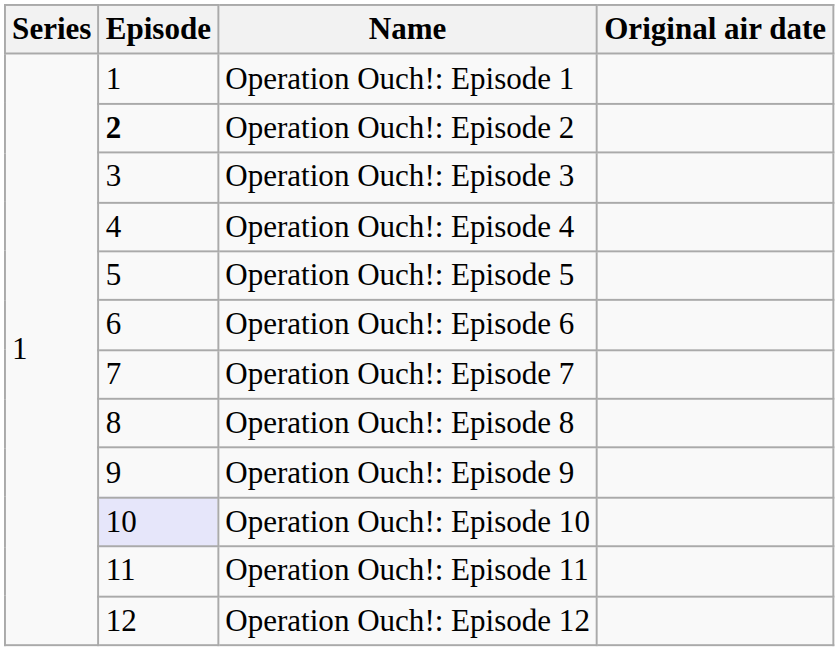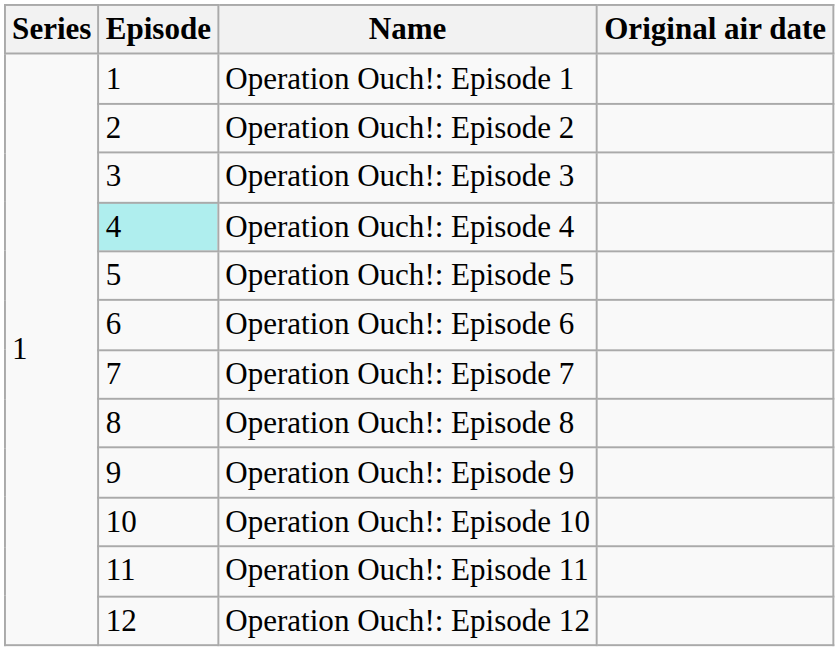 <table class="wikitable">
 <tr>
 <th>Series</th>
 <th>Episode</th>
 <th>Name</th>
 <th>Original air date</th>
 </tr>
 <tr>
 <td rowspan="12">1</td>
 <td>1</td>
 <td>Operation Ouch!: Episode 1</td>
 <td></td>
 </tr>
 <tr>
-<td><strong>2</strong></td>
+<td>2</td>
 <td>Operation Ouch!: Episode 2</td>
 <td></td>
 </tr>
 <tr>
 <td>3</td>
 <td>Operation Ouch!: Episode 3</td>
 <td></td>
 </tr>
 <tr>
-<td>4</td>
+<td style="background: paleturquoise;">4</td>
 <td>Operation Ouch!: Episode 4</td>
 <td></td>
 </tr>
 <tr>
 <td>5</td>
 <td>Operation Ouch!: Episode 5</td>
 <td></td>
 </tr>
 <tr>
 <td>6</td>
 <td>Operation Ouch!: Episode 6</td>
 <td></td>
 </tr>
 <tr>
 <td>7</td>
 <td>Operation Ouch!: Episode 7</td>
 <td></td>
 </tr>
 <tr>
 <td>8</td>
 <td>Operation Ouch!: Episode 8</td>
 <td></td>
 </tr>
 <tr>
 <td>9</td>
 <td>Operation Ouch!: Episode 9</td>
 <td></td>
 </tr>
 <tr>
-<td style="background: lavender;">10</td>
+<td>10</td>
 <td>Operation Ouch!: Episode 10</td>
 <td></td>
 </tr>
 <tr>
 <td>11</td>
 <td>Operation Ouch!: Episode 11</td>
 <td></td>
 </tr>
 <tr>
 <td>12</td>
 <td>Operation Ouch!: Episode 12</td>
 <td></td>
 </tr>
 </table>
